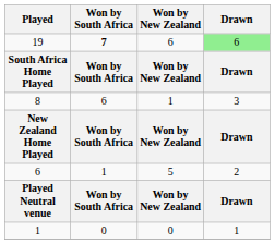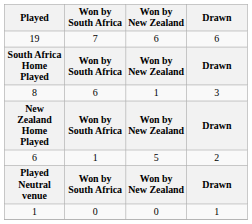 <table class="wikitable">
 <tr>
 <th width="90">Played</th>
 <th width="91">Won by<br>South Africa</th>
 <th width="91">Won by<br>New Zealand</th>
 <th width="90">Drawn</th>
 </tr>
 <tr>
 <td align=center>19</td>
-<td align=center><strong>7</strong></td>
+<td align=center>7</td>
 <td align=center>6</td>
-<td align=center style="background: lightgreen;">6</td>
+<td align=center>6</td>
 </tr>
 <tr>
 <th width="90">South Africa Home Played</th>
 <th width="91">Won by<br>South Africa</th>
 <th width="91">Won by<br>New Zealand</th>
 <th width="90">Drawn</th>
 </tr>
 <tr>
 <td align=center>8</td>
 <td align=center>6</td>
 <td align=center>1</td>
 <td align=center>3</td>
 </tr>
 <tr>
 <th width="90">New Zealand Home Played</th>
 <th width="91">Won by<br>South Africa</th>
 <th width="91">Won by<br>New Zealand</th>
 <th width="90">Drawn</th>
 </tr>
 <tr>
 <td align=center>6</td>
 <td align=center>1</td>
 <td align=center>5</td>
 <td align=center>2</td>
 </tr>
 <tr>
 <th width="90">Played Neutral venue</th>
 <th width="91">Won by<br>South Africa</th>
 <th width="91">Won by<br>New Zealand</th>
 <th width="90">Drawn</th>
 </tr>
 <tr>
 <td align=center>1</td>
 <td align=centEr>0</td>
 <td align=center>0</td>
 <td align=center>1</td>
 </tr>
 <tr>
 </tr>
 </table>
